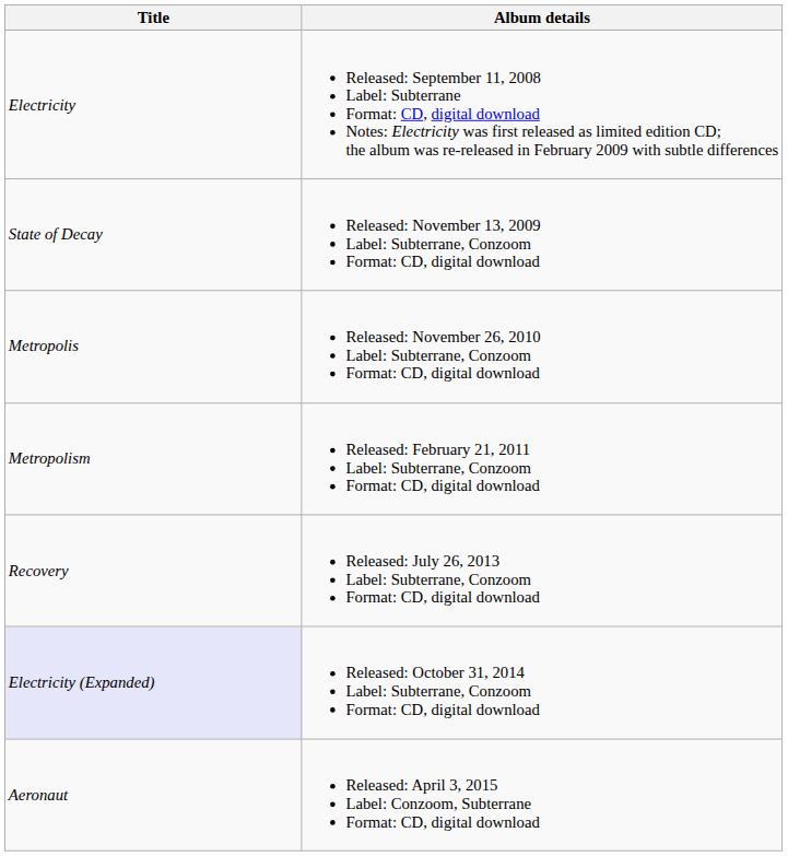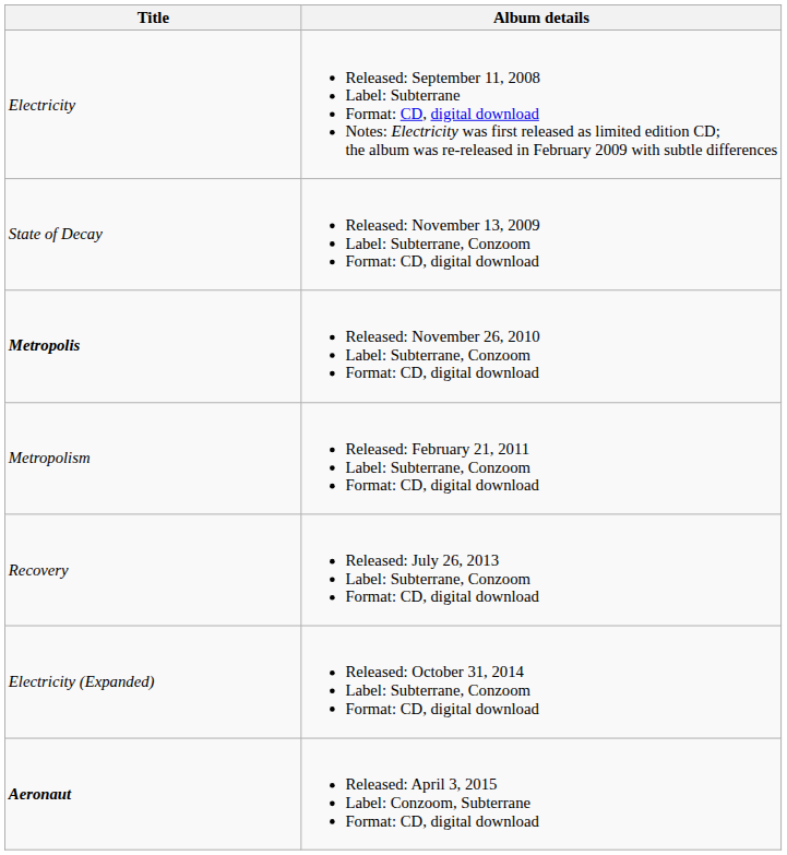 <table class="wikitable">
 <tr>
 <th scope="col" style="width:18em;">Title</th>
 <th scope="col">Album details</th>
 </tr>
 <tr>
 <td><em>Electricity</em></td>
 <td><br><ul><li>Released: September 11, 2008</li><li>Label: Subterrane</li><li>Format: <a href='#'>CD</a>, <a href='#'>digital download</a></li><li>Notes: <em>Electricity</em> was first released as limited edition CD; <br>the album was re-released in February 2009 with subtle differences</li></ul></td>
 </tr>
 <tr>
 <td><em>State of Decay</em></td>
 <td><br><ul><li>Released: November 13, 2009</li><li>Label: Subterrane, Conzoom</li><li>Format: CD, digital download</li></ul></td>
 </tr>
 <tr>
-<td><em>Metropolis</em></td>
+<td><strong><em>Metropolis</em></strong></td>
 <td><br><ul><li>Released: November 26, 2010</li><li>Label: Subterrane, Conzoom</li><li>Format: CD, digital download</li></ul></td>
 </tr>
 <tr>
 <td><em>Metropolism</em></td>
 <td><br><ul><li>Released: February 21, 2011</li><li>Label: Subterrane, Conzoom</li><li>Format: CD, digital download</li></ul></td>
 </tr>
 <tr>
 <td><em>Recovery</em></td>
 <td><br><ul><li>Released: July 26, 2013</li><li>Label: Subterrane, Conzoom</li><li>Format: CD, digital download</li></ul></td>
 </tr>
 <tr>
-<td style="background: lavender;"><em>Electricity (Expanded)</em></td>
+<td><em>Electricity (Expanded)</em></td>
 <td><br><ul><li>Released: October 31, 2014</li><li>Label: Subterrane, Conzoom</li><li>Format: CD, digital download</li></ul></td>
 </tr>
 <tr>
-<td><em>Aeronaut</em></td>
+<td><strong><em>Aeronaut</em></strong></td>
 <td><br><ul><li>Released: April 3, 2015</li><li>Label: Conzoom, Subterrane</li><li>Format: CD, digital download</li></ul></td>
 </tr>
 </table>
